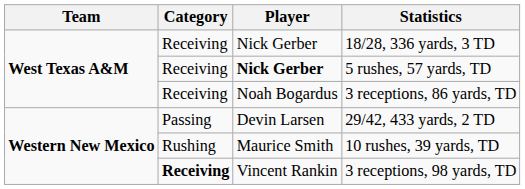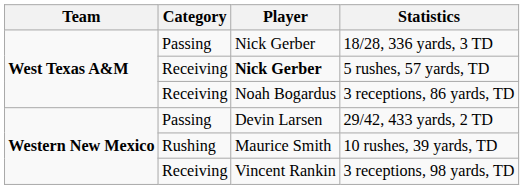 <table class="wikitable" style="float: left;">
 <tr>
 <th>Team</th>
 <th>Category</th>
 <th>Player</th>
 <th>Statistics</th>
 </tr>
 <tr>
 <td rowspan=3><strong>West Texas A&M</strong></td>
-<td>Receiving</td>
+<td>Passing</td>
 <td>Nick Gerber</td>
 <td>18/28, 336 yards, 3 TD</td>
 </tr>
 <tr>
 <td>Receiving</td>
 <td><strong>Nick Gerber</strong></td>
 <td>5 rushes, 57 yards, TD</td>
 </tr>
 <tr>
 <td>Receiving</td>
 <td>Noah Bogardus</td>
 <td>3 receptions, 86 yards, TD</td>
 </tr>
 <tr>
 <td rowspan=3><strong>Western New Mexico</strong></td>
 <td>Passing</td>
 <td>Devin Larsen</td>
 <td>29/42, 433 yards, 2 TD</td>
 </tr>
 <tr>
 <td>Rushing</td>
 <td>Maurice Smith</td>
 <td>10 rushes, 39 yards, TD</td>
 </tr>
 <tr>
-<td><strong>Receiving</strong></td>
+<td>Receiving</td>
 <td>Vincent Rankin</td>
 <td>3 receptions, 98 yards, TD</td>
 </tr>
 </table>
